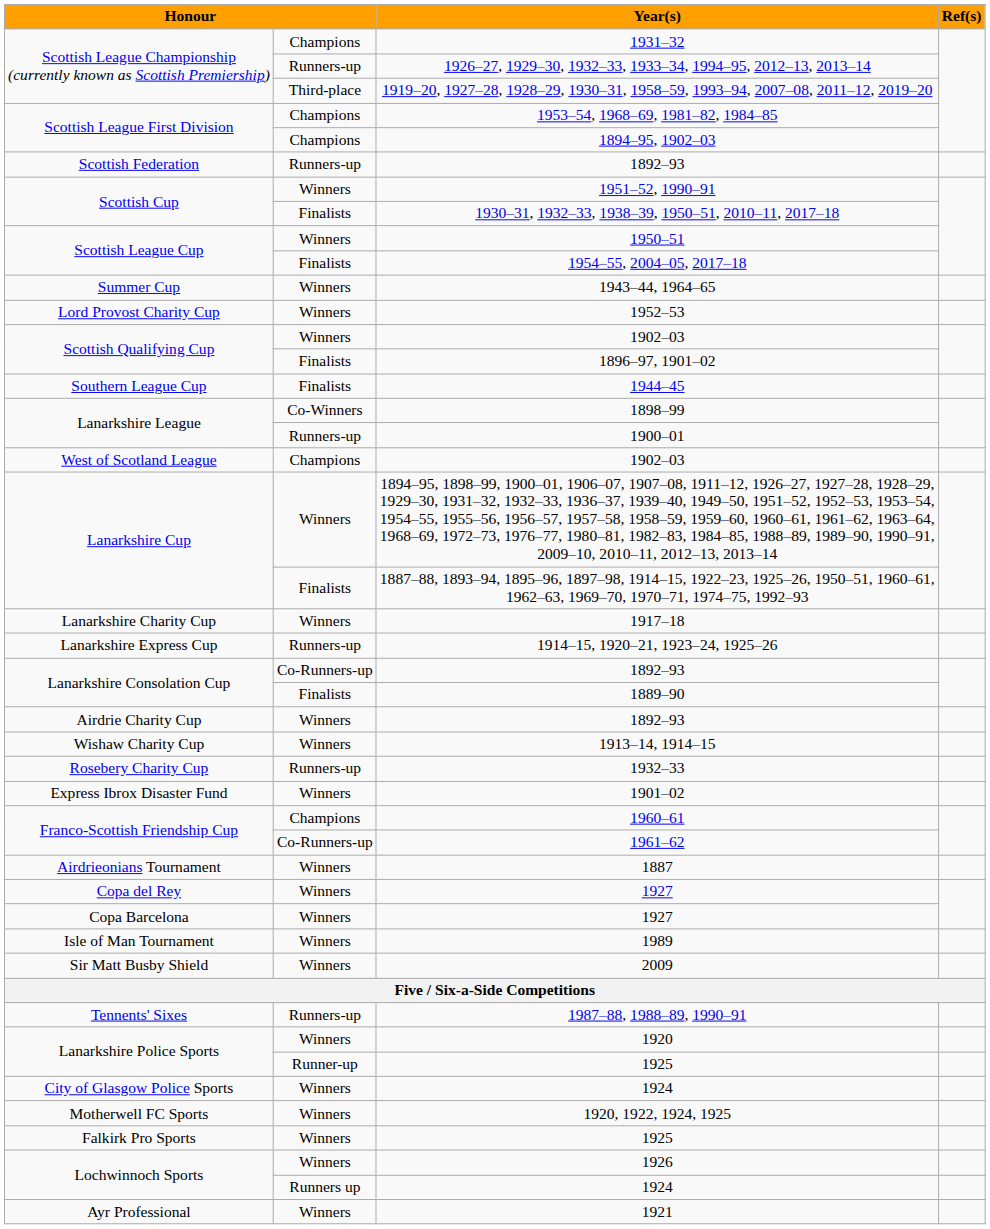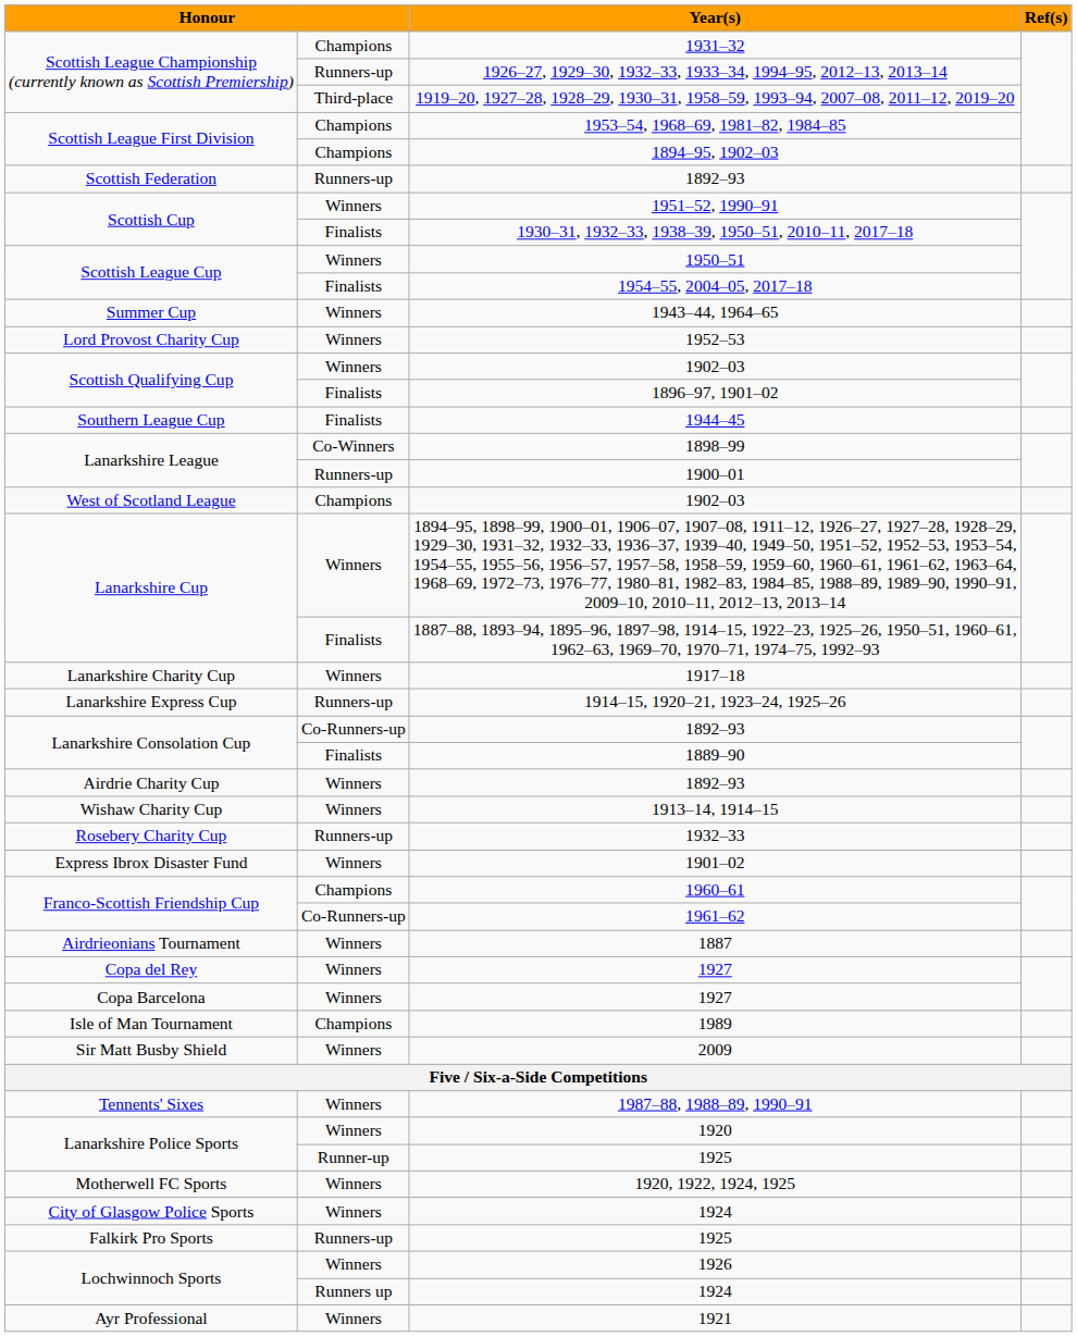 <table class="wikitable mw-collapsible mw-collapsed"  style="font-size:100%; text-align:center;">
 <tr>
 <th colspan=2 style="background:#ffa000; colour:#98285c;">Honour</th>
 <th colspan=1 style="background:#ffa000; colour:#98285c;">Year(s)</th>
 <th colspan=1 style="background:#ffa000; colour:#98285c;">Ref(s)</th>
 </tr>
 <tr>
 <td rowspan=3><a href='#'>Scottish League Championship</a><br><em>(currently known as</em> <em><a href='#'>Scottish Premiership</a>)</em></td>
 <td>Champions</td>
 <td><a href='#'>1931–32</a></td>
 </tr>
 <tr>
 <td>Runners-up</td>
 <td><a href='#'>1926–27</a>, <a href='#'>1929–30</a>, <a href='#'>1932–33</a>, <a href='#'>1933–34</a>, <a href='#'>1994–95</a>, <a href='#'>2012–13</a>, <a href='#'>2013–14</a></td>
 </tr>
 <tr>
 <td>Third-place</td>
 <td><a href='#'>1919–20</a>, <a href='#'>1927–28</a>, <a href='#'>1928–29</a>, <a href='#'>1930–31</a>, <a href='#'>1958–59</a>, <a href='#'>1993–94</a>, <a href='#'>2007–08</a>, <a href='#'>2011–12</a>, <a href='#'>2019–20</a></td>
 </tr>
 <tr>
 <td rowspan=2><a href='#'>Scottish League First Division</a></td>
 <td>Champions</td>
 <td><a href='#'>1953–54</a>, <a href='#'>1968–69</a>, <a href='#'>1981–82</a>, <a href='#'>1984–85</a></td>
 </tr>
 <tr>
 <td>Champions</td>
 <td><a href='#'>1894–95</a>, <a href='#'>1902–03</a></td>
 </tr>
 <tr>
 <td><a href='#'>Scottish Federation</a></td>
 <td>Runners-up</td>
 <td>1892–93</td>
 <td></td>
 </tr>
 <tr>
 <td rowspan=2><a href='#'>Scottish Cup</a></td>
 <td>Winners</td>
 <td><a href='#'>1951–52</a>, <a href='#'>1990–91</a></td>
 </tr>
 <tr>
 <td>Finalists</td>
 <td><a href='#'>1930–31</a>, <a href='#'>1932–33</a>, <a href='#'>1938–39</a>, <a href='#'>1950–51</a>, <a href='#'>2010–11</a>, <a href='#'>2017–18</a></td>
 </tr>
 <tr>
 <td rowspan=2><a href='#'>Scottish League Cup</a></td>
 <td>Winners</td>
 <td><a href='#'>1950–51</a></td>
 </tr>
 <tr>
 <td>Finalists</td>
 <td><a href='#'>1954–55</a>, <a href='#'>2004–05</a>, <a href='#'>2017–18</a></td>
 </tr>
 <tr>
 <td><a href='#'>Summer Cup</a></td>
 <td>Winners</td>
 <td>1943–44, 1964–65</td>
 <td></td>
 </tr>
 <tr>
 <td><a href='#'>Lord Provost Charity Cup</a></td>
 <td>Winners</td>
 <td>1952–53</td>
 <td></td>
 </tr>
 <tr>
 <td rowspan=2><a href='#'>Scottish Qualifying Cup</a></td>
 <td>Winners</td>
 <td>1902–03</td>
 <td rowspan="2"></td>
 </tr>
 <tr>
 <td>Finalists</td>
 <td>1896–97, 1901–02</td>
 </tr>
 <tr>
 <td><a href='#'>Southern League Cup</a></td>
 <td>Finalists</td>
 <td><a href='#'>1944–45</a></td>
 <td></td>
 </tr>
 <tr>
 <td rowspan="2">Lanarkshire League</td>
 <td>Co-Winners</td>
 <td>1898–99</td>
 <td rowspan="2"></td>
 </tr>
 <tr>
 <td>Runners-up</td>
 <td>1900–01</td>
 </tr>
 <tr>
 <td><a href='#'>West of Scotland League</a></td>
 <td>Champions</td>
 <td>1902–03</td>
 <td></td>
 </tr>
 <tr>
 <td rowspan=2><a href='#'>Lanarkshire Cup</a></td>
 <td>Winners</td>
 <td>1894–95, 1898–99, 1900–01, 1906–07, 1907–08, 1911–12, 1926–27, 1927–28, 1928–29, <br>1929–30, 1931–32, 1932–33, 1936–37, 1939–40, 1949–50, 1951–52, 1952–53, 1953–54, <br>1954–55, 1955–56, 1956–57, 1957–58, 1958–59, 1959–60, 1960–61, 1961–62, 1963–64, <br>1968–69, 1972–73, 1976–77, 1980–81, 1982–83, 1984–85, 1988–89, 1989–90, 1990–91,<br>2009–10, 2010–11, 2012–13, 2013–14</td>
 <td rowspan="2"></td>
 </tr>
 <tr>
 <td>Finalists</td>
 <td>1887–88, 1893–94, 1895–96, 1897–98, 1914–15, 1922–23, 1925–26, 1950–51, 1960–61,<br>1962–63, 1969–70, 1970–71, 1974–75, 1992–93</td>
 </tr>
 <tr>
 <td>Lanarkshire Charity Cup</td>
 <td>Winners</td>
 <td>1917–18</td>
 <td></td>
 </tr>
 <tr>
 <td>Lanarkshire Express Cup</td>
 <td>Runners-up</td>
 <td>1914–15, 1920–21, 1923–24, 1925–26</td>
 <td></td>
 </tr>
 <tr>
 <td rowspan=2>Lanarkshire Consolation Cup</td>
 <td>Co-Runners-up</td>
 <td>1892–93</td>
 <td rowspan=2></td>
 </tr>
 <tr>
 <td>Finalists</td>
 <td>1889–90</td>
 </tr>
 <tr>
 <td>Airdrie Charity Cup</td>
 <td>Winners</td>
 <td>1892–93</td>
 <td></td>
 </tr>
 <tr>
 <td>Wishaw Charity Cup</td>
 <td>Winners</td>
 <td>1913–14, 1914–15</td>
 <td></td>
 </tr>
 <tr>
 <td><a href='#'>Rosebery Charity Cup</a></td>
 <td>Runners-up</td>
 <td>1932–33</td>
 <td></td>
 </tr>
 <tr>
 <td>Express Ibrox Disaster Fund</td>
 <td>Winners</td>
 <td>1901–02</td>
 <td></td>
 </tr>
 <tr>
 <td rowspan = "2"><a href='#'>Franco-Scottish Friendship Cup</a></td>
 <td>Champions</td>
 <td><a href='#'>1960–61</a></td>
 <td rowspan="2"></td>
 </tr>
 <tr>
 <td>Co-Runners-up</td>
 <td><a href='#'>1961–62</a></td>
 </tr>
 <tr>
 <td><a href='#'>Airdrieonians</a> Tournament</td>
 <td>Winners</td>
 <td>1887</td>
 <td></td>
 </tr>
 <tr>
 <td><a href='#'>Copa del Rey</a></td>
 <td>Winners</td>
 <td><a href='#'>1927</a></td>
 <td rowspan = "2"></td>
 </tr>
 <tr>
 <td>Copa Barcelona</td>
 <td>Winners</td>
 <td>1927</td>
 </tr>
 <tr>
 <td>Isle of Man Tournament</td>
-<td>Winners</td>
+<td>Champions</td>
 <td>1989</td>
 <td></td>
 </tr>
 <tr>
 <td>Sir Matt Busby Shield</td>
 <td>Winners</td>
 <td>2009</td>
 <td></td>
 </tr>
 <tr>
 <th colspan = "4">Five / Six-a-Side Competitions</th>
 </tr>
 <tr>
 <td><a href='#'>Tennents' Sixes</a></td>
-<td>Runners-up</td>
+<td>Winners</td>
 <td><a href='#'>1987–88</a>, <a href='#'>1988–89</a>, <a href='#'>1990–91</a></td>
 <td></td>
 </tr>
 <tr>
 <td rowspan = "2">Lanarkshire Police Sports</td>
 <td>Winners</td>
 <td>1920</td>
 <td></td>
 </tr>
 <tr>
 <td>Runner-up</td>
 <td>1925</td>
 <td></td>
 </tr>
 <tr>
+<td>Motherwell FC Sports</td>
+<td>Winners</td>
+<td>1920, 1922, 1924, 1925</td>
+<td></td>
+</tr>
+<tr>
 <td><a href='#'>City of Glasgow Police</a> Sports</td>
 <td>Winners</td>
 <td>1924</td>
 <td></td>
 </tr>
 <tr>
-<td>Motherwell FC Sports</td>
-<td>Winners</td>
-<td>1920, 1922, 1924, 1925</td>
-<td></td>
-</tr>
-<tr>
 <td>Falkirk Pro Sports</td>
-<td>Winners</td>
+<td>Runners-up</td>
 <td>1925</td>
 <td></td>
 </tr>
 <tr>
 <td rowspan = "2">Lochwinnoch Sports</td>
 <td>Winners</td>
 <td>1926</td>
 <td></td>
 </tr>
 <tr>
 <td>Runners up</td>
 <td>1924</td>
 <td></td>
 </tr>
 <tr>
 <td>Ayr Professional</td>
 <td>Winners</td>
 <td>1921</td>
 <td></td>
 </tr>
 </table>
